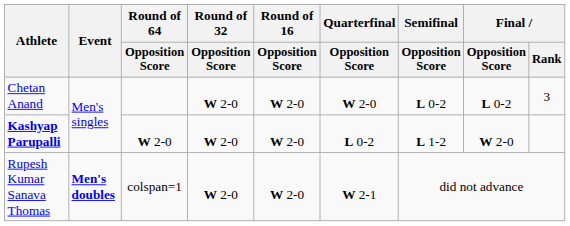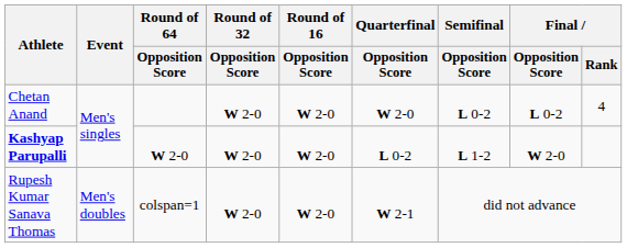 <table class=wikitable style="font-size:90%">
 <tr>
 <th rowspan="2">Athlete</th>
 <th rowspan="2">Event</th>
 <th>Round of 64</th>
 <th>Round of 32</th>
 <th>Round of 16</th>
 <th>Quarterfinal</th>
 <th>Semifinal</th>
 <th colspan=2>Final / </th>
 </tr>
 <tr style="font-size:95%">
 <th>Opposition<br>Score</th>
 <th>Opposition<br>Score</th>
 <th>Opposition<br>Score</th>
 <th>Opposition<br>Score</th>
 <th>Opposition<br>Score</th>
 <th>Opposition<br>Score</th>
 <th>Rank</th>
 </tr>
 <tr align=center>
 <td align=left><a href='#'>Chetan Anand</a></td>
 <td align=left rowspan=2><a href='#'>Men's singles</a></td>
 <td></td>
 <td><br><strong>W</strong> 2-0</td>
 <td><br><strong>W</strong> 2-0</td>
 <td><br><strong>W</strong> 2-0</td>
 <td><br><strong>L</strong> 0-2</td>
 <td><br><strong>L</strong> 0-2</td>
-<td>3</td>
+<td>4</td>
 </tr>
 <tr align=center>
 <td align=left><strong><a href='#'>Kashyap Parupalli</a></strong></td>
 <td><br><strong>W</strong> 2-0</td>
 <td><br><strong>W</strong> 2-0</td>
 <td><br><strong>W</strong> 2-0</td>
 <td><br><strong>L</strong> 0-2</td>
 <td><br><strong>L</strong> 1-2</td>
 <td><br><strong>W</strong> 2-0</td>
 <td></td>
 </tr>
 <tr align=center>
 <td align=left><a href='#'>Rupesh Kumar</a><br><a href='#'>Sanava Thomas</a></td>
-<td align=left><strong><a href='#'>Men's doubles</a></strong></td>
+<td align=left><a href='#'>Men's doubles</a></td>
 <td>colspan=1 </td>
 <td><br><strong>W</strong> 2-0</td>
 <td><br><strong>W</strong> 2-0</td>
 <td><br><strong>W</strong> 2-1</td>
 <td colspan=3>did not advance</td>
 </tr>
 </table>
